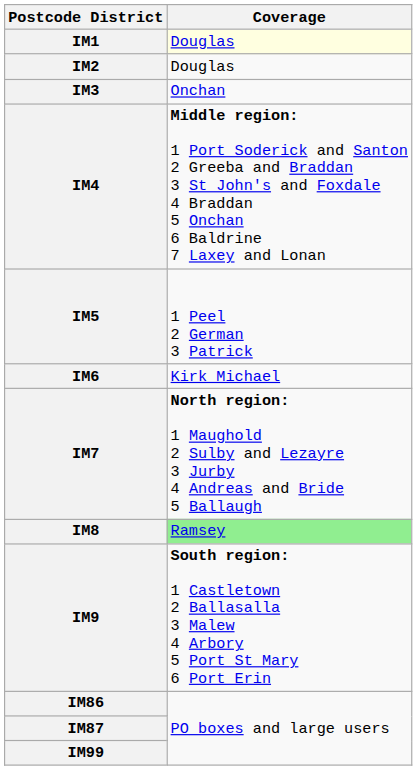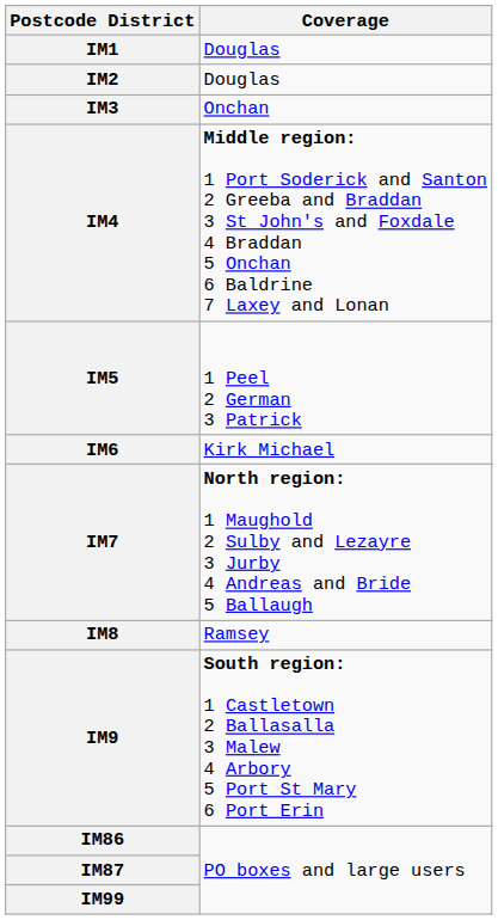 <table class="wikitable">
 <tr>
 <th scope="col">Postcode District</th>
 <th scope="col">Coverage</th>
 </tr>
 <tr>
 <th scope="row">IM1</th>
-<td style="background: lightyellow;"><a href='#'>Douglas</a></td>
+<td><a href='#'>Douglas</a></td>
 </tr>
 <tr>
 <th scope="row">IM2</th>
 <td>Douglas</td>
 </tr>
 <tr>
 <th scope="row">IM3</th>
 <td><a href='#'>Onchan</a></td>
 </tr>
 <tr>
 <th scope="row">IM4</th>
 <td><strong>Middle region:</strong><br><br>1 <a href='#'>Port Soderick</a> and <a href='#'>Santon</a> <br>2 Greeba and <a href='#'>Braddan</a> <br>3 <a href='#'>St John's</a> and <a href='#'>Foxdale</a> <br>4 Braddan <br>5 <a href='#'>Onchan</a> <br>6 Baldrine <br>7 <a href='#'>Laxey</a> and Lonan</td>
 </tr>
 <tr>
 <th scope="row">IM5</th>
 <td><br><br>1 <a href='#'>Peel</a> <br>2 <a href='#'>German</a> <br>3 <a href='#'>Patrick</a></td>
 </tr>
 <tr>
 <th scope="row">IM6</th>
 <td><a href='#'>Kirk Michael</a></td>
 </tr>
 <tr>
 <th scope="row">IM7</th>
 <td><strong>North region:</strong><br><br>1 <a href='#'>Maughold</a> <br>2 <a href='#'>Sulby</a> and <a href='#'>Lezayre</a> <br>3 <a href='#'>Jurby</a> <br>4 <a href='#'>Andreas</a> and <a href='#'>Bride</a> <br>5 <a href='#'>Ballaugh</a></td>
 </tr>
 <tr>
 <th scope="row">IM8</th>
-<td style="background: lightgreen;"><a href='#'>Ramsey</a></td>
+<td><a href='#'>Ramsey</a></td>
 </tr>
 <tr>
 <th scope="row">IM9</th>
 <td><strong>South region:</strong><br><br>1 <a href='#'>Castletown</a> <br>2 <a href='#'>Ballasalla</a> <br>3 <a href='#'>Malew</a> <br>4 <a href='#'>Arbory</a> <br>5 <a href='#'>Port St Mary</a> <br>6 <a href='#'>Port Erin</a></td>
 </tr>
 <tr>
 <th scope="row">IM86</th>
 <td rowspan="3"><a href='#'>PO boxes</a> and large users</td>
 </tr>
 <tr>
 <th scope="row">IM87</th>
 </tr>
 <tr>
 <th scope="row">IM99</th>
 </tr>
 </table>
